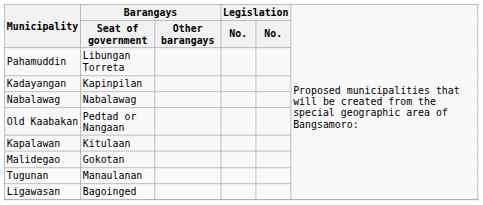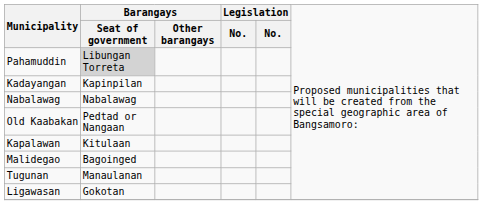 <table class="wikitable sortable" style="width:100%; text-align:left;">
 <tr>
 <th rowspan=2>Municipality</th>
 <th colspan=2>Barangays</th>
 <th colspan=2>Legislation</th>
 <td rowspan=10><br>Proposed municipalities that will be created from the special geographic area of Bangsamoro:        </td>
 </tr>
 <tr>
 <th>Seat of government</th>
 <th>Other barangays</th>
 <th> No.</th>
 <th> No.</th>
 </tr>
 <tr>
 <td>Pahamuddin</td>
-<td>Libungan Torreta</td>
+<td style="background: lightgrey;">Libungan Torreta</td>
 <td></td>
 <td></td>
 <td></td>
 </tr>
 <tr>
 <td>Kadayangan</td>
 <td>Kapinpilan</td>
 <td></td>
 <td></td>
 <td></td>
 </tr>
 <tr>
 <td>Nabalawag</td>
 <td>Nabalawag</td>
 <td></td>
 <td></td>
 <td></td>
 </tr>
 <tr>
 <td>Old Kaabakan</td>
 <td>Pedtad or Nangaan</td>
 <td></td>
 <td></td>
 <td></td>
 </tr>
 <tr>
 <td>Kapalawan</td>
 <td>Kitulaan</td>
 <td></td>
 <td></td>
 <td></td>
 </tr>
 <tr>
 <td>Malidegao</td>
-<td>Gokotan</td>
+<td>Bagoinged</td>
 <td></td>
 <td></td>
 <td></td>
 </tr>
 <tr>
 <td>Tugunan</td>
 <td>Manaulanan</td>
 <td></td>
 <td></td>
 <td></td>
 </tr>
 <tr>
 <td>Ligawasan</td>
-<td>Bagoinged</td>
+<td>Gokotan</td>
 <td></td>
 <td></td>
 <td></td>
 </tr>
 <tr>
 </tr>
 </table>
